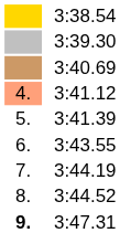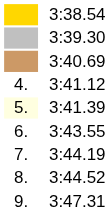 <table style="text-align:center">
 <tr>
 <td width=30 bgcolor=gold></td>
 <td align=left></td>
 <td width=60>3:38.54</td>
 </tr>
 <tr>
 <td bgcolor=silver></td>
 <td align=left></td>
 <td>3:39.30</td>
 </tr>
 <tr>
 <td bgcolor=cc9966></td>
 <td align=left></td>
 <td>3:40.69</td>
 </tr>
 <tr>
-<td style="background: lightsalmon;">4.</td>
+<td>4.</td>
 <td align=left></td>
 <td>3:41.12</td>
 </tr>
 <tr>
-<td>5.</td>
+<td style="background: lightyellow;">5.</td>
 <td align=left></td>
 <td>3:41.39</td>
 </tr>
 <tr>
 <td>6.</td>
 <td align=left></td>
 <td>3:43.55</td>
 </tr>
 <tr>
 <td>7.</td>
 <td align=left></td>
 <td>3:44.19</td>
 </tr>
 <tr>
 <td>8.</td>
 <td align=left></td>
 <td>3:44.52</td>
 </tr>
 <tr>
-<td><strong>9.</strong></td>
+<td>9.</td>
 <td align=left></td>
 <td>3:47.31</td>
 </tr>
 </table>
